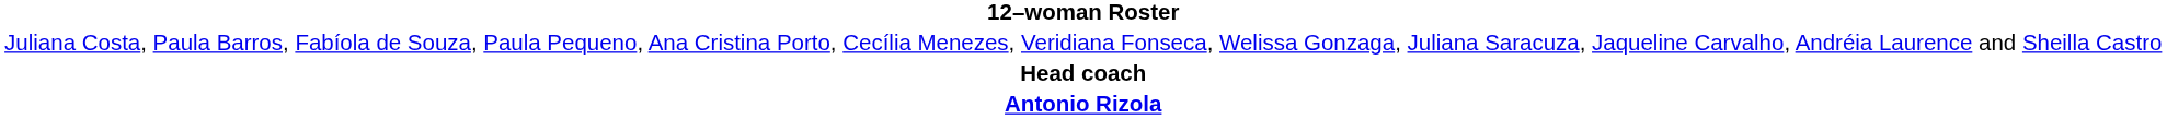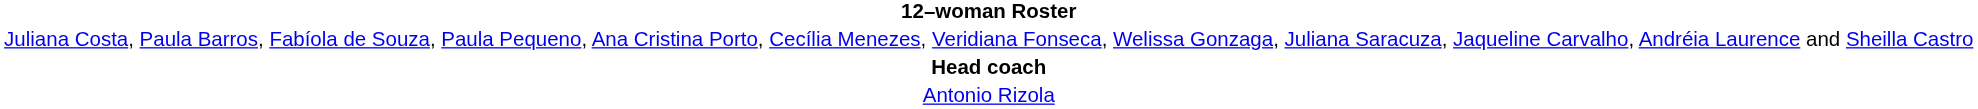 <table style="text-align: center; margin-top: 2em; margin-left: auto; margin-right: auto">
 <tr>
 <td><strong>12–woman Roster</strong></td>
 </tr>
 <tr>
 <td><a href='#'>Juliana Costa</a>, <a href='#'>Paula Barros</a>,  <a href='#'>Fabíola de Souza</a>, <a href='#'>Paula Pequeno</a>, <a href='#'>Ana Cristina Porto</a>, <a href='#'>Cecília Menezes</a>, <a href='#'>Veridiana Fonseca</a>, <a href='#'>Welissa Gonzaga</a>, <a href='#'>Juliana Saracuza</a>, <a href='#'>Jaqueline Carvalho</a>, <a href='#'>Andréia Laurence</a> and <a href='#'>Sheilla Castro</a></td>
 </tr>
 <tr>
 <td><strong>Head coach</strong></td>
 </tr>
 <tr>
-<td><strong><a href='#'>Antonio Rizola</a></strong></td>
+<td><a href='#'>Antonio Rizola</a></td>
 </tr>
 </table>
